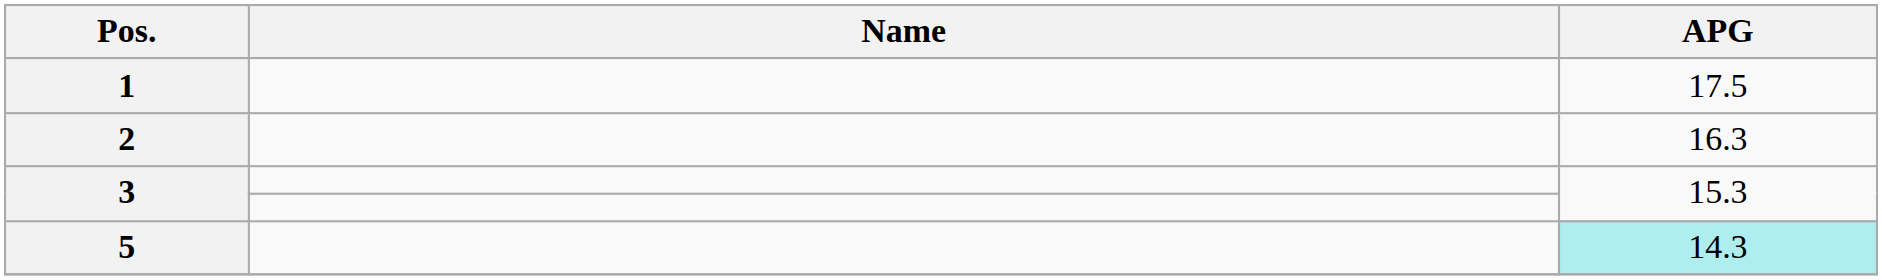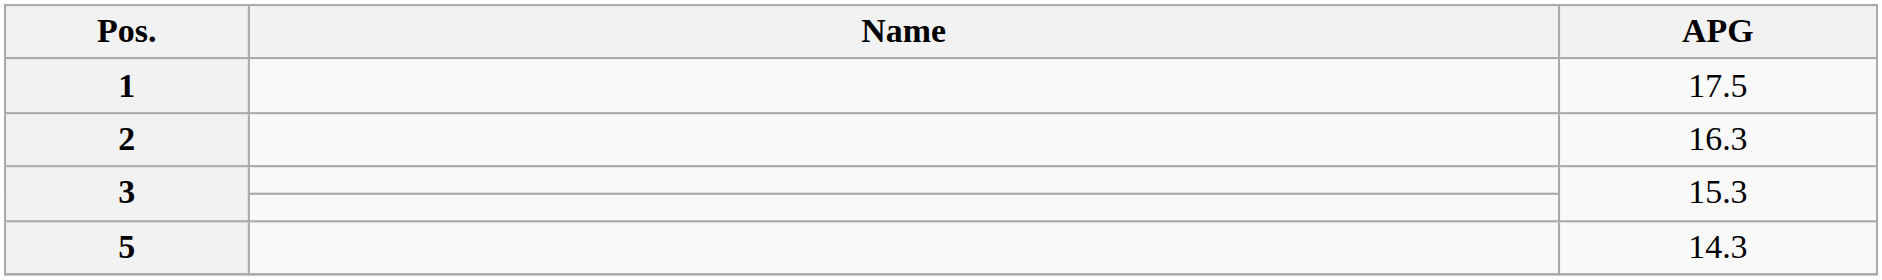 <table class=wikitable width=100% style="text-align:center;">
 <tr>
 <th width="13%">Pos.</th>
 <th width="70%">Name</th>
 <th width="17%">APG</th>
 </tr>
 <tr>
 <th>1</th>
 <td align=left></td>
 <td>17.5</td>
 </tr>
 <tr>
 <th>2</th>
 <td align=left></td>
 <td>16.3</td>
 </tr>
 <tr>
 <th rowspan=2>3</th>
 <td align=left></td>
 <td rowspan=2>15.3</td>
 </tr>
 <tr>
 <td align=left></td>
 </tr>
 <tr>
 <th>5</th>
 <td align=left></td>
-<td style="background: paleturquoise;">14.3</td>
+<td>14.3</td>
 </tr>
 <tr>
 </tr>
 </table>
